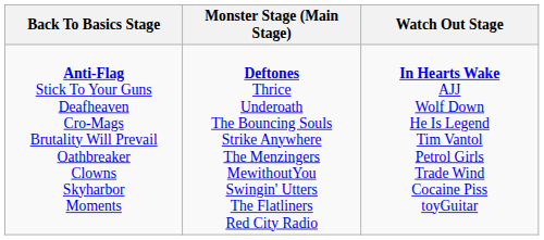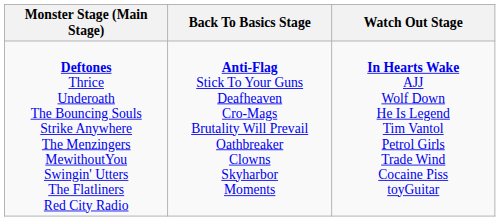 <table class="wikitable">
 <tr>
+<th>Monster Stage (Main Stage)</th>
 <th>Back To Basics Stage</th>
-<th>Monster Stage (Main Stage)</th>
 <th>Watch Out Stage</th>
 </tr>
 <tr>
+<td style="text-align:center; vertical-align:top; width:185px;"><br><strong><a href='#'>Deftones</a></strong> <br><a href='#'>Thrice</a> <br><a href='#'>Underoath</a> <br><a href='#'>The Bouncing Souls</a> <br><a href='#'>Strike Anywhere</a> <br><a href='#'>The Menzingers</a> <br><a href='#'>MewithoutYou</a> <br><a href='#'>Swingin' Utters</a> <br><a href='#'>The Flatliners</a> <br><a href='#'>Red City Radio</a></td>
 <td style="text-align:center; vertical-align:top; width:185px;"><br><strong><a href='#'>Anti-Flag</a></strong> <br><a href='#'>Stick To Your Guns</a> <br><a href='#'>Deafheaven</a> <br><a href='#'>Cro-Mags</a> <br><a href='#'>Brutality Will Prevail</a> <br><a href='#'>Oathbreaker</a> <br><a href='#'>Clowns</a> <br><a href='#'>Skyharbor</a> <br><a href='#'>Moments</a></td>
-<td style="text-align:center; vertical-align:top; width:185px;"><br><strong><a href='#'>Deftones</a></strong> <br><a href='#'>Thrice</a> <br><a href='#'>Underoath</a> <br><a href='#'>The Bouncing Souls</a> <br><a href='#'>Strike Anywhere</a> <br><a href='#'>The Menzingers</a> <br><a href='#'>MewithoutYou</a> <br><a href='#'>Swingin' Utters</a> <br><a href='#'>The Flatliners</a> <br><a href='#'>Red City Radio</a></td>
 <td style="text-align:center; vertical-align:top; width:185px;"><br><strong><a href='#'>In Hearts Wake</a></strong> <br><a href='#'>AJJ</a> <br><a href='#'>Wolf Down</a> <br><a href='#'>He Is Legend</a> <br><a href='#'>Tim Vantol</a> <br><a href='#'>Petrol Girls</a> <br><a href='#'>Trade Wind</a> <br><a href='#'>Cocaine Piss</a> <br><a href='#'>toyGuitar</a></td>
 </tr>
 </table>
